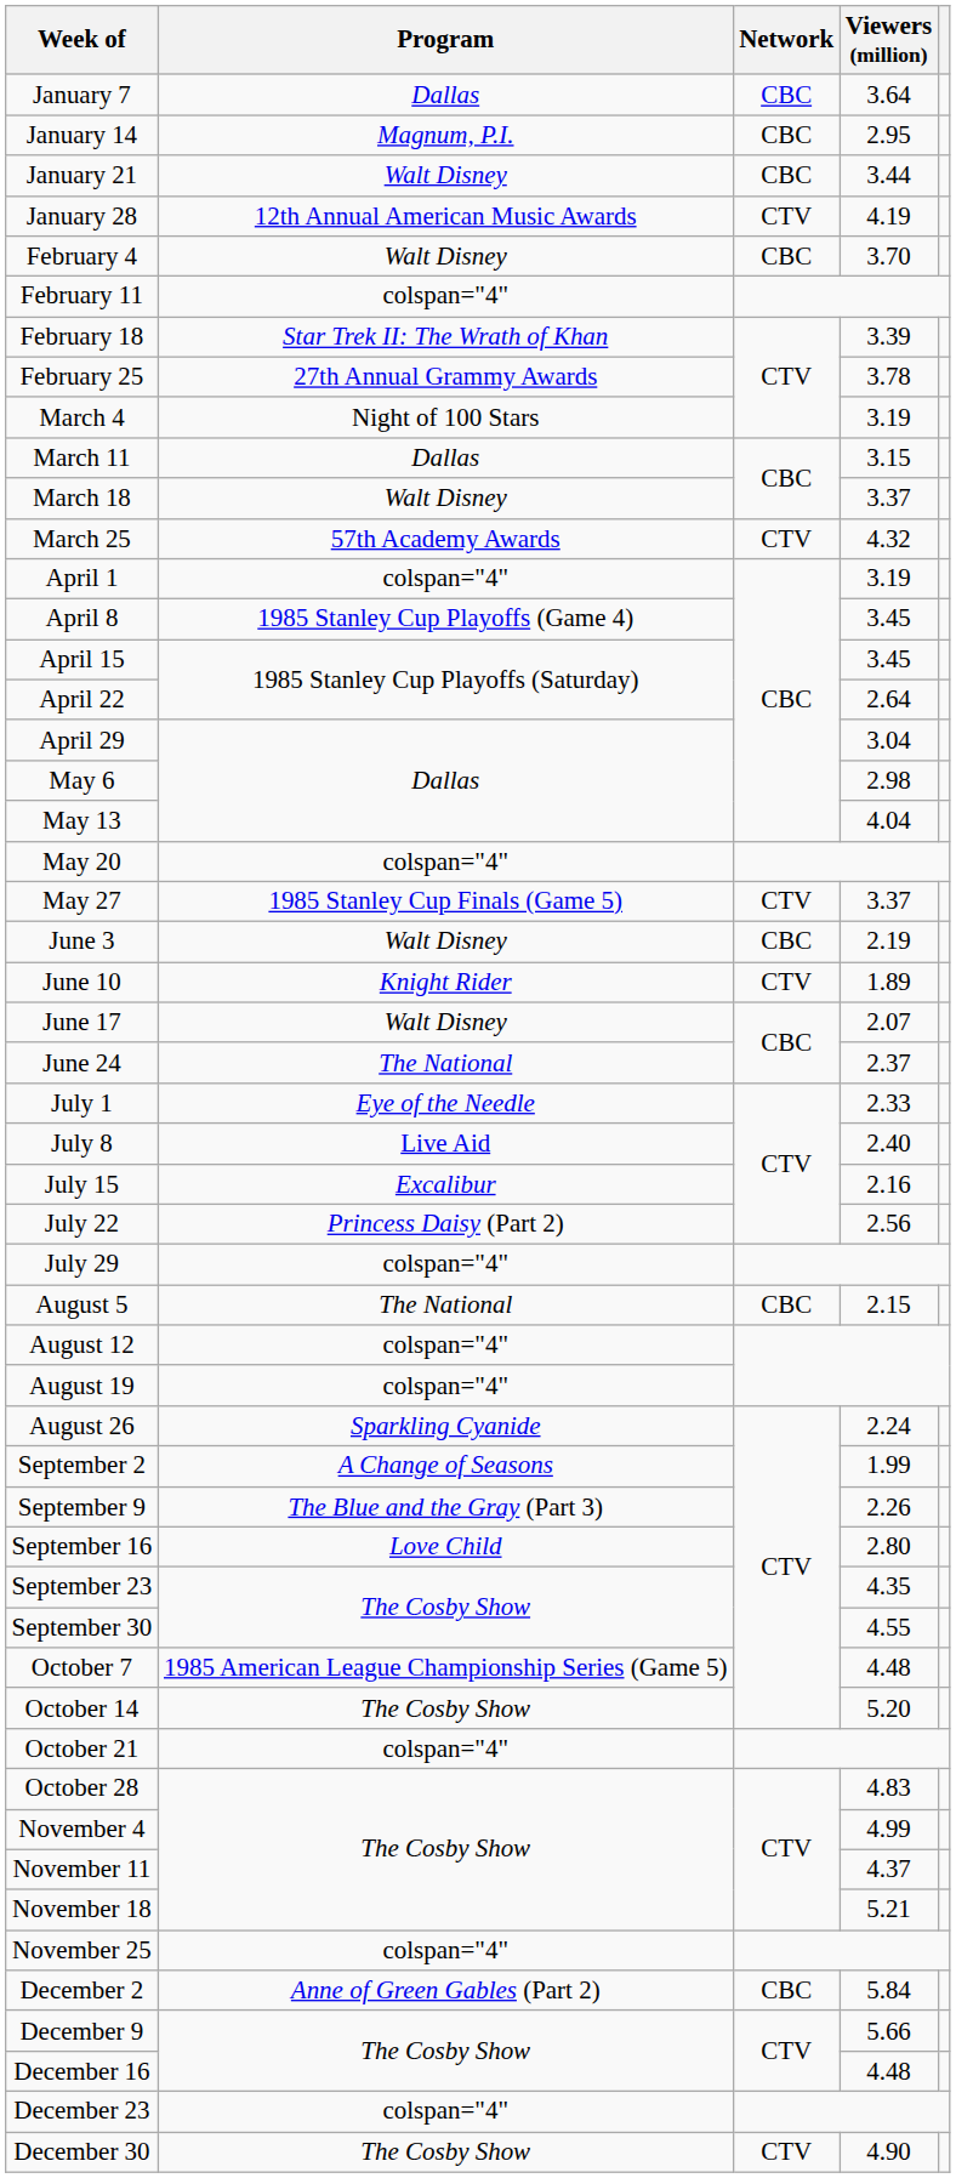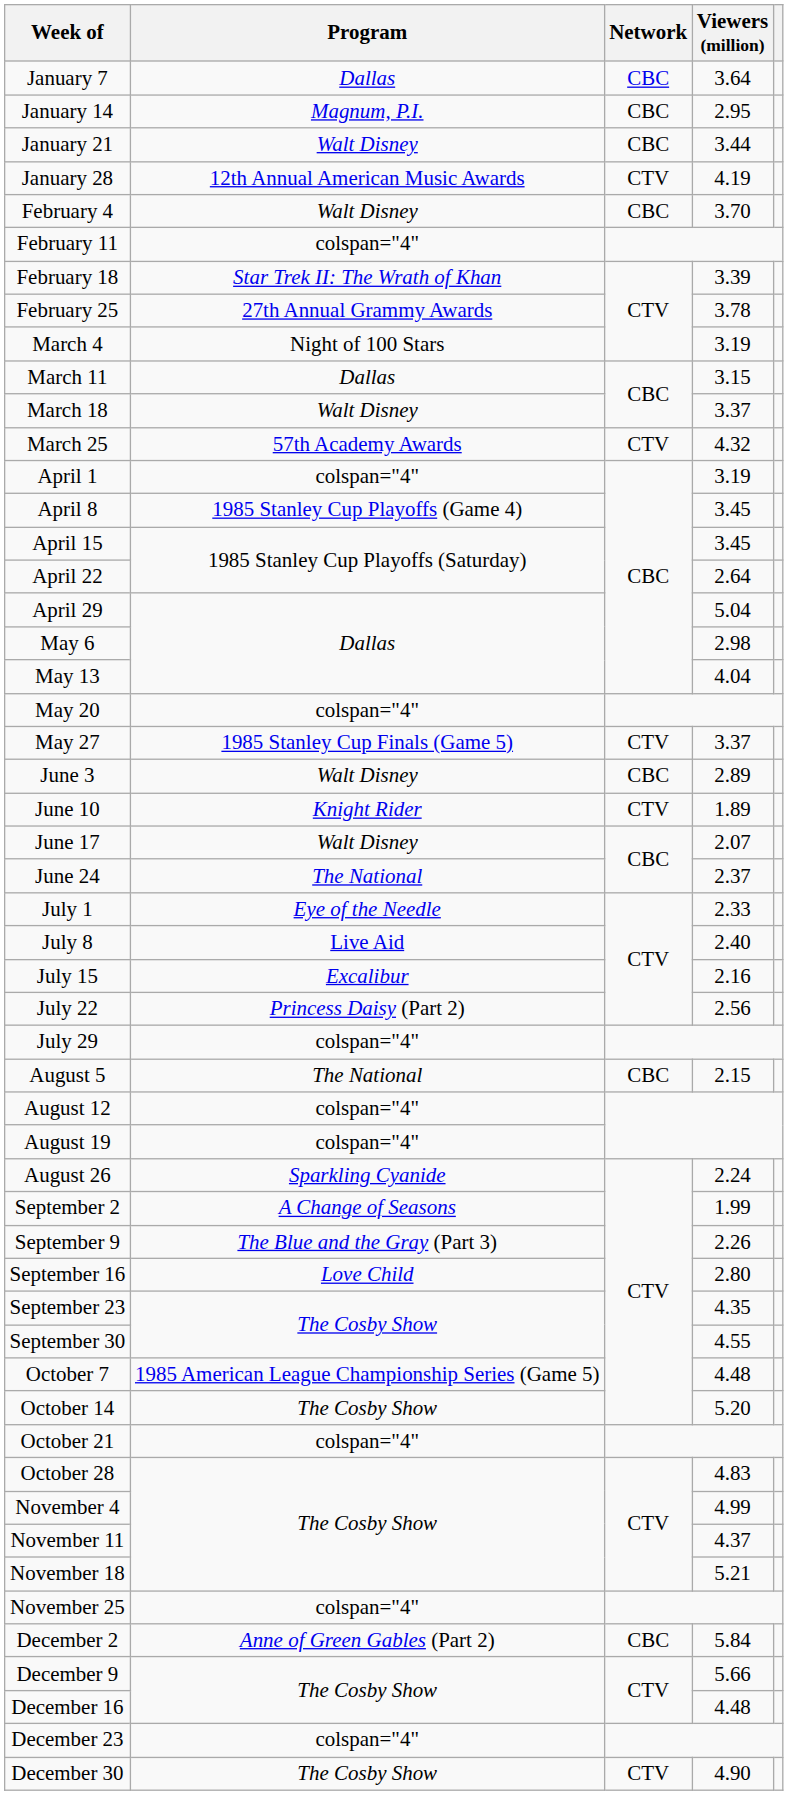 <table class="wikitable plainrowheaders" style="text-align:center;">
 <tr>
 <th>Week of</th>
 <th>Program</th>
 <th>Network</th>
 <th>Viewers<br><small>(million)</small></th>
 <th></th>
 </tr>
 <tr>
 <td>January 7</td>
 <td><em><a href='#'>Dallas</a></em></td>
 <td><a href='#'>CBC</a></td>
 <td>3.64</td>
 <td></td>
 </tr>
 <tr>
 <td>January 14</td>
 <td><em><a href='#'>Magnum, P.I.</a></em></td>
 <td>CBC</td>
 <td>2.95</td>
 <td></td>
 </tr>
 <tr>
 <td>January 21</td>
 <td><em><a href='#'>Walt Disney</a></em></td>
 <td>CBC</td>
 <td>3.44</td>
 <td></td>
 </tr>
 <tr>
 <td>January 28</td>
 <td><a href='#'>12th Annual American Music Awards</a></td>
 <td>CTV</td>
 <td>4.19</td>
 <td></td>
 </tr>
 <tr>
 <td>February 4</td>
 <td><em>Walt Disney</em></td>
 <td>CBC</td>
 <td>3.70</td>
 <td></td>
 </tr>
 <tr>
 <td>February 11</td>
 <td>colspan="4" </td>
 </tr>
 <tr>
 <td>February 18</td>
 <td><em><a href='#'>Star Trek II: The Wrath of Khan</a></em></td>
 <td rowspan="3">CTV</td>
 <td>3.39</td>
 <td></td>
 </tr>
 <tr>
 <td>February 25</td>
 <td><a href='#'>27th Annual Grammy Awards</a></td>
 <td>3.78</td>
 <td></td>
 </tr>
 <tr>
 <td>March 4</td>
 <td>Night of 100 Stars</td>
 <td>3.19</td>
 <td></td>
 </tr>
 <tr>
 <td>March 11</td>
 <td><em>Dallas</em></td>
 <td rowspan="2">CBC</td>
 <td>3.15</td>
 <td></td>
 </tr>
 <tr>
 <td>March 18</td>
 <td><em>Walt Disney</em></td>
 <td>3.37</td>
 <td></td>
 </tr>
 <tr>
 <td>March 25</td>
 <td><a href='#'>57th Academy Awards</a></td>
 <td>CTV</td>
 <td>4.32</td>
 <td></td>
 </tr>
 <tr>
 <td>April 1</td>
 <td>colspan="4" </td>
 <td rowspan="7">CBC</td>
 <td>3.19</td>
 <td></td>
 </tr>
 <tr>
 <td>April 8</td>
 <td><a href='#'>1985 Stanley Cup Playoffs</a> (Game 4)</td>
 <td>3.45</td>
 <td></td>
 </tr>
 <tr>
 <td>April 15</td>
 <td rowspan="2">1985 Stanley Cup Playoffs (Saturday)</td>
 <td>3.45</td>
 <td></td>
 </tr>
 <tr>
 <td>April 22</td>
 <td>2.64</td>
 <td></td>
 </tr>
 <tr>
 <td>April 29</td>
 <td rowspan="3"><em>Dallas</em></td>
-<td>3.04</td>
+<td>5.04</td>
 <td></td>
 </tr>
 <tr>
 <td>May 6</td>
 <td>2.98</td>
 <td></td>
 </tr>
 <tr>
 <td>May 13</td>
 <td>4.04</td>
 <td></td>
 </tr>
 <tr>
 <td>May 20</td>
 <td>colspan="4" </td>
 </tr>
 <tr>
 <td>May 27</td>
 <td><a href='#'>1985 Stanley Cup Finals (Game 5)</a></td>
 <td>CTV</td>
 <td>3.37</td>
 <td></td>
 </tr>
 <tr>
 <td>June 3</td>
 <td><em>Walt Disney</em></td>
 <td>CBC</td>
-<td>2.19</td>
+<td>2.89</td>
 <td></td>
 </tr>
 <tr>
 <td>June 10</td>
 <td><em><a href='#'>Knight Rider</a></em></td>
 <td>CTV</td>
 <td>1.89</td>
 <td></td>
 </tr>
 <tr>
 <td>June 17</td>
 <td><em>Walt Disney</em></td>
 <td rowspan="2">CBC</td>
 <td>2.07</td>
 <td></td>
 </tr>
 <tr>
 <td>June 24</td>
 <td><em><a href='#'>The National</a></em></td>
 <td>2.37</td>
 <td></td>
 </tr>
 <tr>
 <td>July 1</td>
 <td><em><a href='#'>Eye of the Needle</a></em></td>
 <td rowspan="4">CTV</td>
 <td>2.33</td>
 <td></td>
 </tr>
 <tr>
 <td>July 8</td>
 <td><a href='#'>Live Aid</a></td>
 <td>2.40</td>
 <td></td>
 </tr>
 <tr>
 <td>July 15</td>
 <td><em><a href='#'>Excalibur</a></em></td>
 <td>2.16</td>
 <td></td>
 </tr>
 <tr>
 <td>July 22</td>
 <td><em><a href='#'>Princess Daisy</a></em> (Part 2)</td>
 <td>2.56</td>
 <td></td>
 </tr>
 <tr>
 <td>July 29</td>
 <td>colspan="4" </td>
 </tr>
 <tr>
 <td>August 5</td>
 <td><em>The National</em></td>
 <td>CBC</td>
 <td>2.15</td>
 <td></td>
 </tr>
 <tr>
 <td>August 12</td>
 <td>colspan="4" </td>
 </tr>
 <tr>
 <td>August 19</td>
 <td>colspan="4" </td>
 </tr>
 <tr>
 <td>August 26</td>
 <td><em><a href='#'>Sparkling Cyanide</a></em></td>
 <td rowspan="8">CTV</td>
 <td>2.24</td>
 <td></td>
 </tr>
 <tr>
 <td>September 2</td>
 <td><em><a href='#'>A Change of Seasons</a></em></td>
 <td>1.99</td>
 <td></td>
 </tr>
 <tr>
 <td>September 9</td>
 <td><em><a href='#'>The Blue and the Gray</a></em> (Part 3)</td>
 <td>2.26</td>
 <td></td>
 </tr>
 <tr>
 <td>September 16</td>
 <td><em><a href='#'>Love Child</a></em></td>
 <td>2.80</td>
 <td></td>
 </tr>
 <tr>
 <td>September 23</td>
 <td rowspan="2"><em><a href='#'>The Cosby Show</a></em></td>
 <td>4.35</td>
 <td></td>
 </tr>
 <tr>
 <td>September 30</td>
 <td>4.55</td>
 <td></td>
 </tr>
 <tr>
 <td>October 7</td>
 <td><a href='#'>1985 American League Championship Series</a> (Game 5)</td>
 <td>4.48</td>
 <td></td>
 </tr>
 <tr>
 <td>October 14</td>
 <td><em>The Cosby Show</em></td>
 <td>5.20</td>
 <td></td>
 </tr>
 <tr>
 <td>October 21</td>
 <td>colspan="4" </td>
 </tr>
 <tr>
 <td>October 28</td>
 <td rowspan="4"><em>The Cosby Show</em></td>
 <td rowspan="4">CTV</td>
 <td>4.83</td>
 <td></td>
 </tr>
 <tr>
 <td>November 4</td>
 <td>4.99</td>
 <td></td>
 </tr>
 <tr>
 <td>November 11</td>
 <td>4.37</td>
 <td></td>
 </tr>
 <tr>
 <td>November 18</td>
 <td>5.21</td>
 <td></td>
 </tr>
 <tr>
 <td>November 25</td>
 <td>colspan="4" </td>
 </tr>
 <tr>
 <td>December 2</td>
 <td><em><a href='#'>Anne of Green Gables</a></em> (Part 2)</td>
 <td>CBC</td>
 <td>5.84</td>
 <td></td>
 </tr>
 <tr>
 <td>December 9</td>
 <td rowspan="2"><em>The Cosby Show</em></td>
 <td rowspan="2">CTV</td>
 <td>5.66</td>
 <td></td>
 </tr>
 <tr>
 <td>December 16</td>
 <td>4.48</td>
 <td></td>
 </tr>
 <tr>
 <td>December 23</td>
 <td>colspan="4" </td>
 </tr>
 <tr>
 <td>December 30</td>
 <td><em>The Cosby Show</em></td>
 <td>CTV</td>
 <td>4.90</td>
 <td></td>
 </tr>
 </table>
